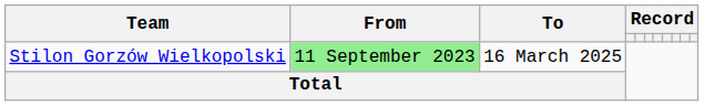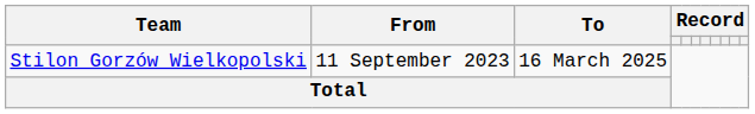 <table class="wikitable" style="text-align: center;">
 <tr>
 <th rowspan="2">Team</th>
 <th rowspan="2">From</th>
 <th rowspan="2">To</th>
 <th colspan="8">Record</th>
 </tr>
 <tr>
 <th></th>
 <th></th>
 <th></th>
 <th></th>
 <th></th>
 <th></th>
 <th></th>
 <th></th>
 </tr>
 <tr>
 <td align=left><a href='#'>Stilon Gorzów Wielkopolski</a></td>
-<td align=left style="background: lightgreen;">11 September 2023</td>
+<td align=left>11 September 2023</td>
 <td align=left>16 March 2025<br></td>
 </tr>
 <tr>
 <th colspan="3">Total<br></th>
 </tr>
 </table>
